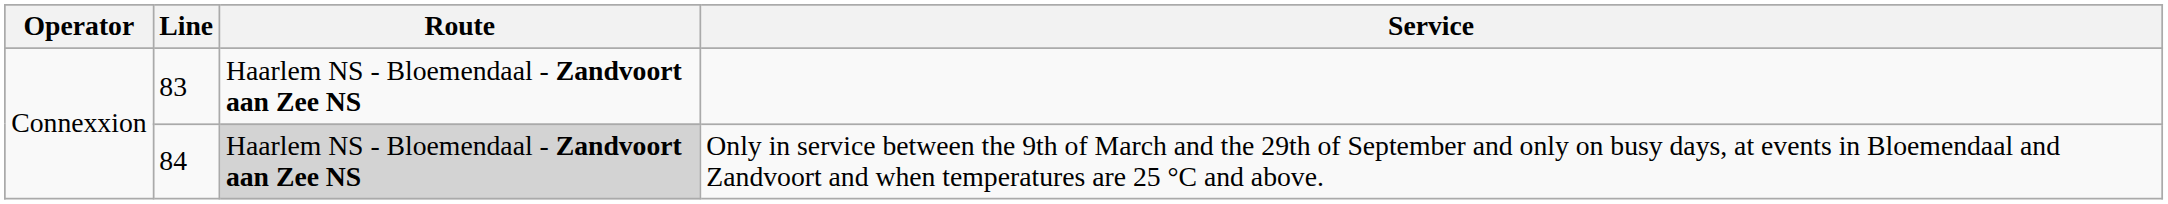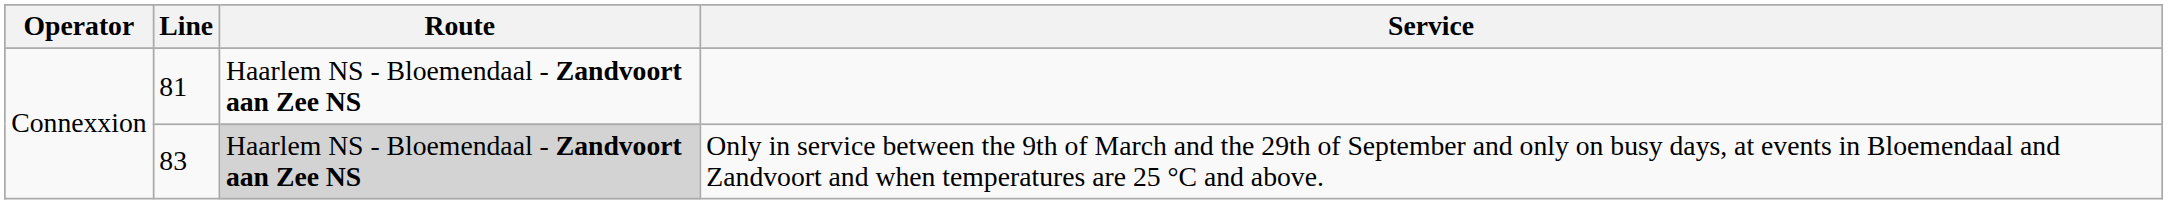 <table class="wikitable">
 <tr>
 <th>Operator</th>
 <th>Line</th>
 <th>Route</th>
 <th>Service</th>
 </tr>
 <tr>
 <td rowspan="2">Connexxion</td>
-<td>83</td>
+<td>81</td>
 <td>Haarlem NS - Bloemendaal - <strong>Zandvoort aan Zee NS</strong></td>
 <td></td>
 </tr>
 <tr>
-<td>84</td>
+<td>83</td>
 <td style="background: lightgrey;">Haarlem NS - Bloemendaal - <strong>Zandvoort aan Zee NS</strong></td>
 <td>Only in service between the 9th of March and the 29th of September and only on busy days, at events in Bloemendaal and Zandvoort and when temperatures are 25 °C and above.</td>
 </tr>
 </table>
